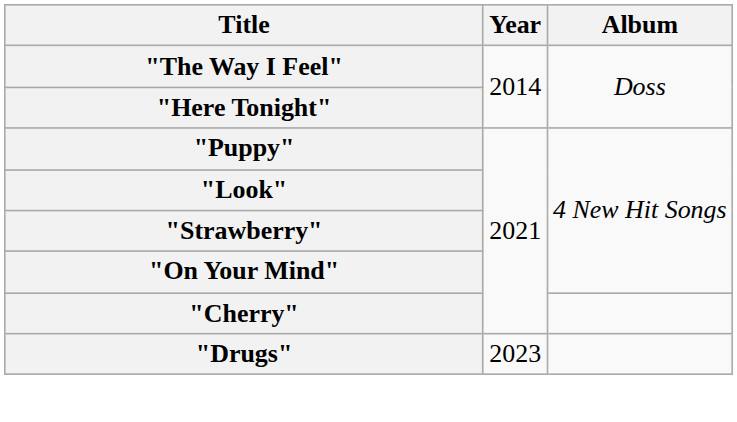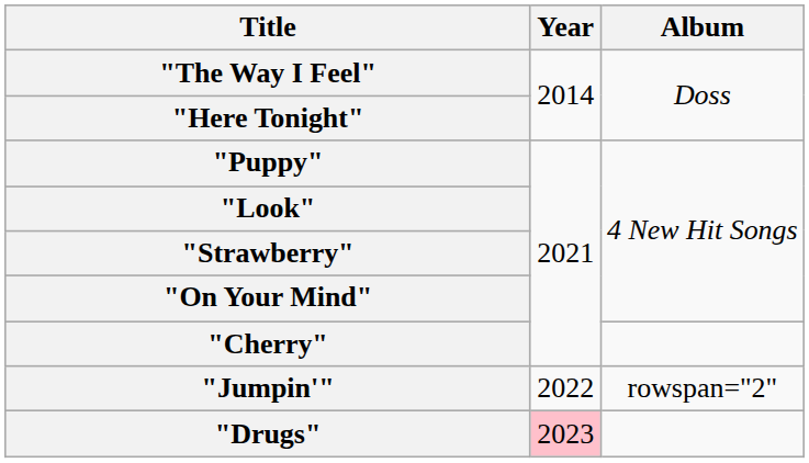 <table class="wikitable plainrowheaders" style="text-align:center;">
 <tr>
 <th scope="col" rowspan="1" style="width:18em;">Title</th>
 <th>Year</th>
 <th>Album</th>
 </tr>
 <tr>
 <th scope="row">"The Way I Feel"</th>
 <td rowspan="2">2014</td>
 <td rowspan="2"><em>Doss</em></td>
 </tr>
 <tr>
 <th scope="row">"Here Tonight"</th>
 </tr>
 <tr>
 <th scope="row">"Puppy"</th>
 <td rowspan="5">2021</td>
 <td rowspan="4"><em>4 New Hit Songs</em></td>
 </tr>
 <tr>
 <th scope="row">"Look"</th>
 </tr>
 <tr>
 <th scope="row">"Strawberry"</th>
 </tr>
 <tr>
 <th scope="row">"On Your Mind"</th>
 </tr>
 <tr>
 <th scope="row">"Cherry"</th>
 <td></td>
 </tr>
 <tr>
+<th scope="row">"Jumpin'"</th>
+<td>2022</td>
+<td>rowspan="2" </td>
+</tr>
+<tr>
 <th scope="row">"Drugs"</th>
-<td>2023</td>
+<td style="background: pink;">2023</td>
 </tr>
 </table>
